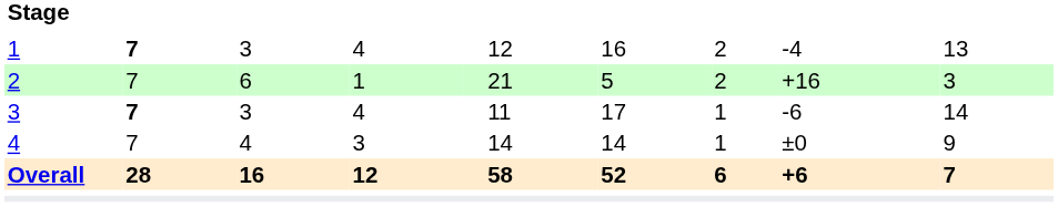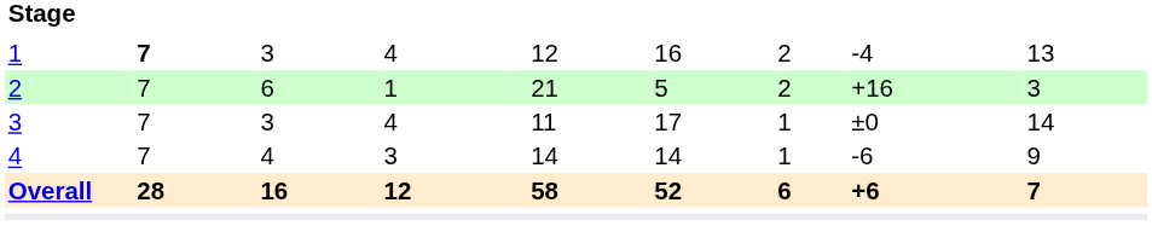 <table class="toccolours" border=0 cellpadding="2" cellspacing="0" style="font-size:95%; text-align:left; width:700px;">
 <tr align="left" style="background:#">
 <th style="width:75px">Stage</th>
 <th></th>
 <th></th>
 <th></th>
 <th></th>
 <th></th>
 <th></th>
 <th></th>
 <th></th>
 <th></th>
 </tr>
 <tr>
 <td colspan = "10"></td>
 </tr>
 <tr>
 </tr>
 <tr style="">
 <td><a href='#'>1</a></td>
 <td><strong>7</strong></td>
 <td>3</td>
 <td>4</td>
 <td></td>
 <td>12</td>
 <td>16</td>
 <td>2</td>
 <td>-4</td>
 <td>13</td>
 </tr>
 <tr style="background:#cfc">
 <td><a href='#'>2</a></td>
 <td>7</td>
 <td>6</td>
 <td>1</td>
 <td></td>
 <td>21</td>
 <td>5</td>
 <td>2</td>
 <td>+16</td>
 <td>3</td>
 </tr>
 <tr>
 <td><a href='#'>3</a></td>
-<td><strong>7</strong></td>
+<td>7</td>
 <td>3</td>
 <td>4</td>
 <td></td>
 <td>11</td>
 <td>17</td>
 <td>1</td>
-<td>-6</td>
+<td>±0</td>
 <td>14</td>
 </tr>
 <tr>
 <td><a href='#'>4</a></td>
 <td>7</td>
 <td>4</td>
 <td>3</td>
 <td></td>
 <td>14</td>
 <td>14</td>
 <td>1</td>
-<td>±0</td>
+<td>-6</td>
 <td>9</td>
 </tr>
 <tr style="background-color:#ffebcd;">
 <th><a href='#'>Overall</a></th>
 <th>28</th>
 <th>16</th>
 <th>12</th>
 <th></th>
 <th>58</th>
 <th>52</th>
 <th>6</th>
 <th>+6</th>
 <th>7</th>
 </tr>
 <tr>
 <td colspan="10"></td>
 </tr>
 <tr align="left" style="background:#EAECF0; color:#000;">
 <td colspan="10" style="text-align:center;"> </td>
 </tr>
 </table>
